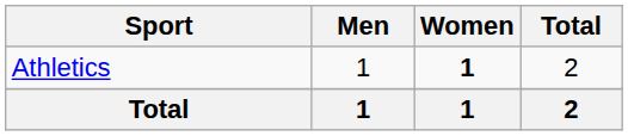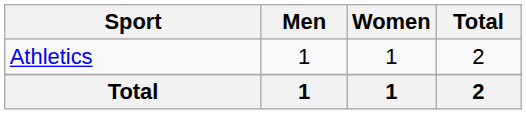 <table class="wikitable sortable" style="text-align:center;">
 <tr>
 <th width=180>Sport</th>
 <th width=55>Men</th>
 <th width=55>Women</th>
 <th width=55>Total</th>
 </tr>
 <tr>
 <td align=left><a href='#'>Athletics</a></td>
 <td>1</td>
-<td><strong>1</strong></td>
+<td>1</td>
 <td>2</td>
 </tr>
 <tr>
 </tr>
 <tr class="sortbottom">
 <th>Total</th>
 <th>1</th>
 <th>1</th>
 <th>2</th>
 </tr>
 </table>
